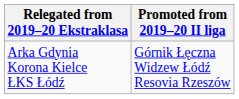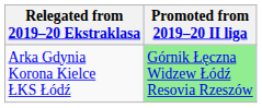 <table class="wikitable">
 <tr>
 <th>Relegated from<br><a href='#'>2019–20 Ekstraklasa</a></th>
 <th>Promoted from<br><a href='#'>2019–20 II liga</a></th>
 </tr>
 <tr>
 <td> <a href='#'>Arka Gdynia</a><br> <a href='#'>Korona Kielce</a><br> <a href='#'>ŁKS Łódź</a></td>
-<td> <a href='#'>Górnik Łęczna</a><br> <a href='#'>Widzew Łódź</a><br> <a href='#'>Resovia Rzeszów</a></td>
+<td style="background: lightgreen;"> <a href='#'>Górnik Łęczna</a><br> <a href='#'>Widzew Łódź</a><br> <a href='#'>Resovia Rzeszów</a></td>
 </tr>
 </table>
